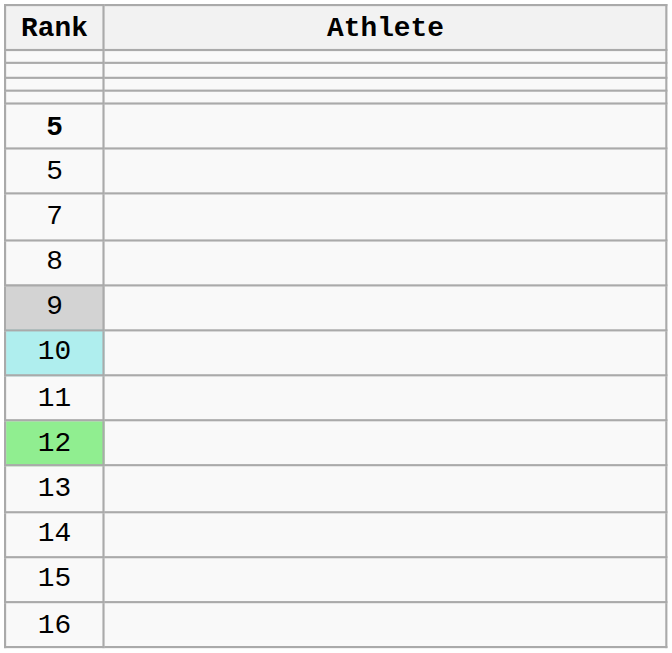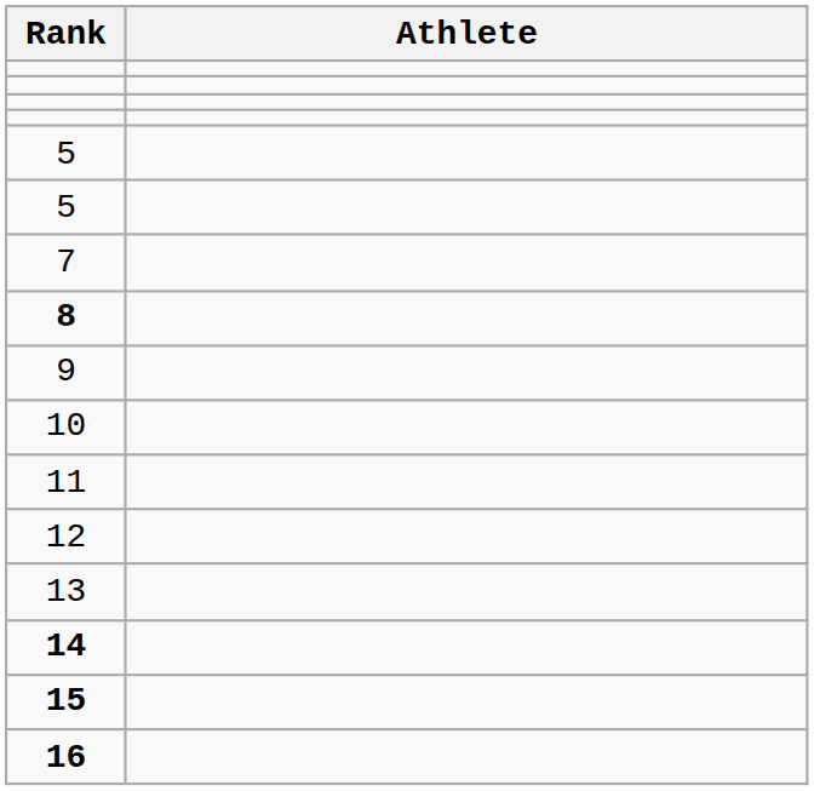 <table class="wikitable" style="text-align: center;">
 <tr>
 <th width="40">Rank</th>
 <th width="257">Athlete</th>
 </tr>
 <tr>
 <td></td>
 <td align="left"></td>
 </tr>
 <tr>
 <td></td>
 <td align="left"></td>
 </tr>
 <tr>
 <td></td>
 <td align="left"></td>
 </tr>
 <tr>
 <td></td>
 <td align="left"></td>
 </tr>
 <tr>
-<td><strong>5</strong></td>
+<td>5</td>
 <td align="left"></td>
 </tr>
 <tr>
 <td>5</td>
 <td align="left"></td>
 </tr>
 <tr>
 <td>7</td>
 <td align="left"></td>
 </tr>
 <tr>
-<td>8</td>
+<td><strong>8</strong></td>
 <td align="left"></td>
 </tr>
 <tr>
-<td style="background: lightgrey;">9</td>
+<td>9</td>
 <td align="left"></td>
 </tr>
 <tr>
-<td style="background: paleturquoise;">10</td>
+<td>10</td>
 <td align="left"></td>
 </tr>
 <tr>
 <td>11</td>
 <td align="left"></td>
 </tr>
 <tr>
-<td style="background: lightgreen;">12</td>
+<td>12</td>
 <td align="left"></td>
 </tr>
 <tr>
 <td>13</td>
 <td align="left"></td>
 </tr>
 <tr>
-<td>14</td>
+<td><strong>14</strong></td>
 <td align="left"></td>
 </tr>
 <tr>
-<td>15</td>
+<td><strong>15</strong></td>
 <td align="left"></td>
 </tr>
 <tr>
-<td>16</td>
+<td><strong>16</strong></td>
 <td align="left"></td>
 </tr>
 </table>
